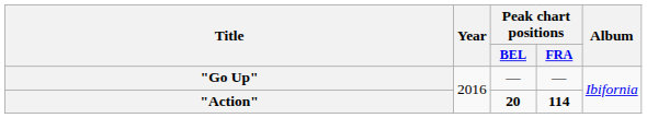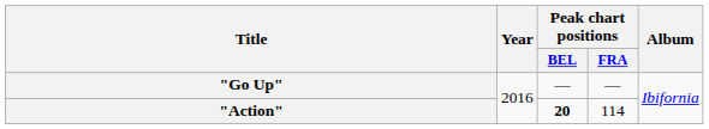 <table class="wikitable plainrowheaders" style="text-align:center;" border="1">
 <tr>
 <th scope="col" rowspan="2" style="width:30em;">Title</th>
 <th scope="col" rowspan="2">Year</th>
 <th scope="col" colspan="2">Peak chart positions</th>
 <th scope="col" rowspan="2">Album</th>
 </tr>
 <tr>
 <th scope="col" style="width:3em;font-size:90%;"><a href='#'>BEL</a><br></th>
 <th scope="col" style="width:3em;font-size:90%;"><a href='#'>FRA</a><br></th>
 </tr>
 <tr>
 <th scope="row">"Go Up" </th>
 <td rowspan="2">2016</td>
 <td>—</td>
 <td>—</td>
 <td rowspan="2"><em><a href='#'>Ibifornia</a></em></td>
 </tr>
 <tr>
 <th scope="row">"Action"<br></th>
 <td><strong>20</strong></td>
-<td><strong>114</strong></td>
+<td>114</td>
 </tr>
 </table>
